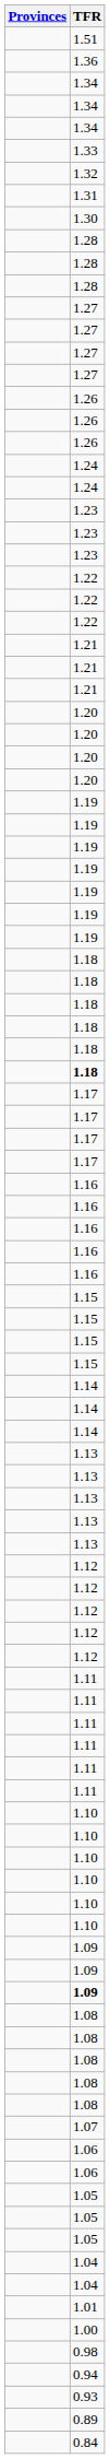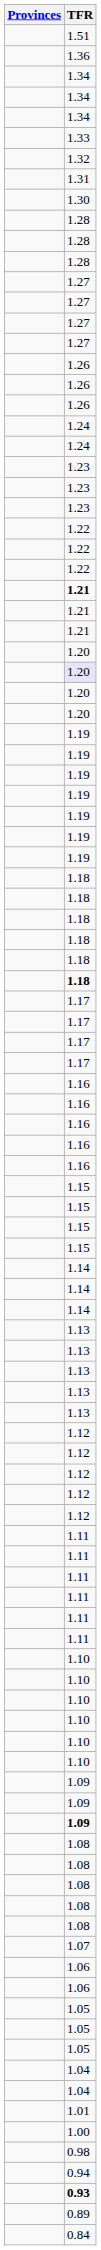 <table class="wikitable sortable mw-collapsible mw-collapsed">
 <tr>
 <th><a href='#'>Provinces</a></th>
 <th>TFR</th>
 </tr>
 <tr>
 <td></td>
 <td>1.51</td>
 </tr>
 <tr>
 <td></td>
 <td>1.36</td>
 </tr>
 <tr>
 <td></td>
 <td>1.34</td>
 </tr>
 <tr>
 <td></td>
 <td>1.34</td>
 </tr>
 <tr>
 <td></td>
 <td>1.34</td>
 </tr>
 <tr>
 <td></td>
 <td>1.33</td>
 </tr>
 <tr>
 <td></td>
 <td>1.32</td>
 </tr>
 <tr>
 <td></td>
 <td>1.31</td>
 </tr>
 <tr>
 <td></td>
 <td>1.30</td>
 </tr>
 <tr>
 <td></td>
 <td>1.28</td>
 </tr>
 <tr>
 <td></td>
 <td>1.28</td>
 </tr>
 <tr>
 <td></td>
 <td>1.28</td>
 </tr>
 <tr>
 <td></td>
 <td>1.27</td>
 </tr>
 <tr>
 <td></td>
 <td>1.27</td>
 </tr>
 <tr>
 <td></td>
 <td>1.27</td>
 </tr>
 <tr>
 <td></td>
 <td>1.27</td>
 </tr>
 <tr>
 <td></td>
 <td>1.26</td>
 </tr>
 <tr>
 <td></td>
 <td>1.26</td>
 </tr>
 <tr>
 <td></td>
 <td>1.26</td>
 </tr>
 <tr>
 <td></td>
 <td>1.24</td>
 </tr>
 <tr>
 <td></td>
 <td>1.24</td>
 </tr>
 <tr>
 <td></td>
 <td>1.23</td>
 </tr>
 <tr>
 <td></td>
 <td>1.23</td>
 </tr>
 <tr>
 <td></td>
 <td>1.23</td>
 </tr>
 <tr>
 <td></td>
 <td>1.22</td>
 </tr>
 <tr>
 <td></td>
 <td>1.22</td>
 </tr>
 <tr>
 <td></td>
 <td>1.22</td>
 </tr>
 <tr>
 <td></td>
-<td>1.21</td>
+<td><strong>1.21</strong></td>
 </tr>
 <tr>
 <td></td>
 <td>1.21</td>
 </tr>
 <tr>
 <td></td>
 <td>1.21</td>
 </tr>
 <tr>
 <td></td>
 <td>1.20</td>
 </tr>
 <tr>
 <td></td>
-<td>1.20</td>
+<td style="background: lavender;">1.20</td>
 </tr>
 <tr>
 <td></td>
 <td>1.20</td>
 </tr>
 <tr>
 <td></td>
 <td>1.20</td>
 </tr>
 <tr>
 <td></td>
 <td>1.19</td>
 </tr>
 <tr>
 <td></td>
 <td>1.19</td>
 </tr>
 <tr>
 <td></td>
 <td>1.19</td>
 </tr>
 <tr>
 <td></td>
 <td>1.19</td>
 </tr>
 <tr>
 <td></td>
 <td>1.19</td>
 </tr>
 <tr>
 <td></td>
 <td>1.19</td>
 </tr>
 <tr>
 <td></td>
 <td>1.19</td>
 </tr>
 <tr>
 <td></td>
 <td>1.18</td>
 </tr>
 <tr>
 <td></td>
 <td>1.18</td>
 </tr>
 <tr>
 <td></td>
 <td>1.18</td>
 </tr>
 <tr>
 <td></td>
 <td>1.18</td>
 </tr>
 <tr>
 <td></td>
 <td>1.18</td>
 </tr>
 <tr>
 <td><strong></strong></td>
 <td><strong>1.18</strong></td>
 </tr>
 <tr>
 <td></td>
 <td>1.17</td>
 </tr>
 <tr>
 <td></td>
 <td>1.17</td>
 </tr>
 <tr>
 <td></td>
 <td>1.17</td>
 </tr>
 <tr>
 <td></td>
 <td>1.17</td>
 </tr>
 <tr>
 <td></td>
 <td>1.16</td>
 </tr>
 <tr>
 <td></td>
 <td>1.16</td>
 </tr>
 <tr>
 <td></td>
 <td>1.16</td>
 </tr>
 <tr>
 <td></td>
 <td>1.16</td>
 </tr>
 <tr>
 <td></td>
 <td>1.16</td>
 </tr>
 <tr>
 <td></td>
 <td>1.15</td>
 </tr>
 <tr>
 <td></td>
 <td>1.15</td>
 </tr>
 <tr>
 <td></td>
 <td>1.15</td>
 </tr>
 <tr>
 <td></td>
 <td>1.15</td>
 </tr>
 <tr>
 <td></td>
 <td>1.14</td>
 </tr>
 <tr>
 <td></td>
 <td>1.14</td>
 </tr>
 <tr>
 <td></td>
 <td>1.14</td>
 </tr>
 <tr>
 <td></td>
 <td>1.13</td>
 </tr>
 <tr>
 <td></td>
 <td>1.13</td>
 </tr>
 <tr>
 <td></td>
 <td>1.13</td>
 </tr>
 <tr>
 <td></td>
 <td>1.13</td>
 </tr>
 <tr>
 <td></td>
 <td>1.13</td>
 </tr>
 <tr>
 <td></td>
 <td>1.12</td>
 </tr>
 <tr>
 <td></td>
 <td>1.12</td>
 </tr>
 <tr>
 <td></td>
 <td>1.12</td>
 </tr>
 <tr>
 <td></td>
 <td>1.12</td>
 </tr>
 <tr>
 <td></td>
 <td>1.12</td>
 </tr>
 <tr>
 <td></td>
 <td>1.11</td>
 </tr>
 <tr>
 <td></td>
 <td>1.11</td>
 </tr>
 <tr>
 <td></td>
 <td>1.11</td>
 </tr>
 <tr>
 <td></td>
 <td>1.11</td>
 </tr>
 <tr>
 <td></td>
 <td>1.11</td>
 </tr>
 <tr>
 <td></td>
 <td>1.11</td>
 </tr>
 <tr>
 <td></td>
 <td>1.10</td>
 </tr>
 <tr>
 <td></td>
 <td>1.10</td>
 </tr>
 <tr>
 <td></td>
 <td>1.10</td>
 </tr>
 <tr>
 <td></td>
 <td>1.10</td>
 </tr>
 <tr>
 <td></td>
 <td>1.10</td>
 </tr>
 <tr>
 <td></td>
 <td>1.10</td>
 </tr>
 <tr>
 <td></td>
 <td>1.09</td>
 </tr>
 <tr>
 <td></td>
 <td>1.09</td>
 </tr>
 <tr>
 <td></td>
 <td><strong>1.09</strong></td>
 </tr>
 <tr>
 <td></td>
 <td>1.08</td>
 </tr>
 <tr>
 <td></td>
 <td>1.08</td>
 </tr>
 <tr>
 <td></td>
 <td>1.08</td>
 </tr>
 <tr>
 <td></td>
 <td>1.08</td>
 </tr>
 <tr>
 <td></td>
 <td>1.08</td>
 </tr>
 <tr>
 <td></td>
 <td>1.07</td>
 </tr>
 <tr>
 <td></td>
 <td>1.06</td>
 </tr>
 <tr>
 <td></td>
 <td>1.06</td>
 </tr>
 <tr>
 <td></td>
 <td>1.05</td>
 </tr>
 <tr>
 <td></td>
 <td>1.05</td>
 </tr>
 <tr>
 <td></td>
 <td>1.05</td>
 </tr>
 <tr>
 <td></td>
 <td>1.04</td>
 </tr>
 <tr>
 <td></td>
 <td>1.04</td>
 </tr>
 <tr>
 <td></td>
 <td>1.01</td>
 </tr>
 <tr>
 <td></td>
 <td>1.00</td>
 </tr>
 <tr>
 <td></td>
 <td>0.98</td>
 </tr>
 <tr>
 <td></td>
 <td>0.94</td>
 </tr>
 <tr>
 <td></td>
-<td>0.93</td>
+<td><strong>0.93</strong></td>
 </tr>
 <tr>
 <td></td>
 <td>0.89</td>
 </tr>
 <tr>
 <td></td>
 <td>0.84</td>
 </tr>
 </table>
